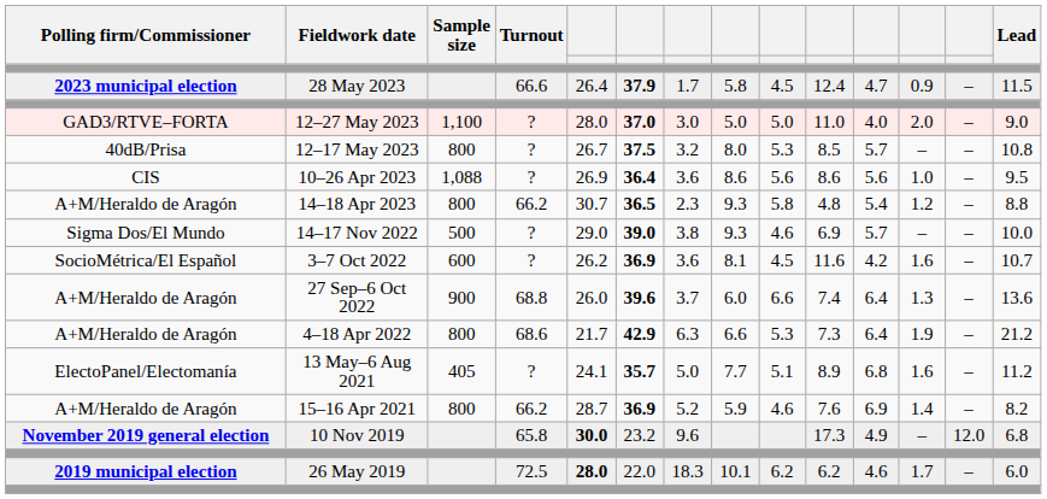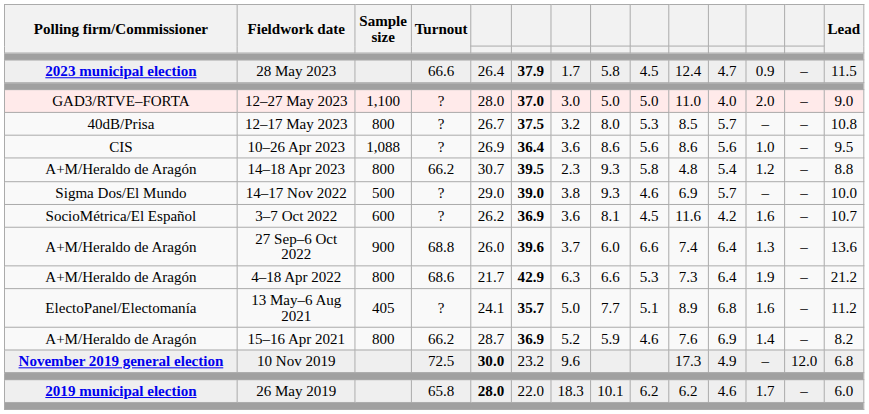 <table class="wikitable collapsible collapsed" style="text-align:center; font-size:95%; line-height:16px;">
 <tr style="height:42px;">
 <th style="width:250px;" rowspan="2">Polling firm/Commissioner</th>
 <th style="width:125px;" rowspan="2">Fieldwork date</th>
 <th style="width:50px;" rowspan="2">Sample size</th>
 <th style="width:45px;" rowspan="2">Turnout</th>
 <th style="width:35px;"></th>
 <th style="width:35px;"></th>
 <th style="width:35px;"></th>
 <th style="width:35px;"></th>
 <th style="width:35px;"></th>
 <th style="width:35px;"></th>
 <th style="width:35px;"></th>
 <th style="width:35px;"></th>
 <th style="width:35px;"></th>
 <th style="width:30px;" rowspan="2">Lead</th>
 </tr>
 <tr>
 <th style="color:inherit;background:"></th>
 <th style="color:inherit;background:"></th>
 <th style="color:inherit;background:"></th>
 <th style="color:inherit;background:"></th>
 <th style="color:inherit;background:"></th>
 <th style="color:inherit;background:"></th>
 <th style="color:inherit;background:"></th>
 <th style="color:inherit;background:"></th>
 <th style="color:inherit;background:"></th>
 </tr>
 <tr>
 <td colspan="14" style="background:#A0A0A0"></td>
 </tr>
 <tr style="background:#EFEFEF;">
 <td><strong><a href='#'>2023 municipal election</a></strong></td>
 <td>28 May 2023</td>
 <td></td>
 <td>66.6</td>
 <td>26.4<br></td>
 <td><strong>37.9</strong><br></td>
 <td>1.7<br></td>
 <td>5.8<br></td>
 <td>4.5<br></td>
 <td>12.4<br></td>
 <td>4.7<br></td>
 <td>0.9<br></td>
 <td>–</td>
 <td style="background:">11.5</td>
 </tr>
 <tr>
 <td colspan="14" style="background:#A0A0A0"></td>
 </tr>
 <tr style="background:#FFEAEA;">
 <td>GAD3/RTVE–FORTA</td>
 <td>12–27 May 2023</td>
 <td>1,100</td>
 <td>?</td>
 <td>28.0<br></td>
 <td><strong>37.0</strong><br></td>
 <td>3.0<br></td>
 <td>5.0<br></td>
 <td>5.0<br></td>
 <td>11.0<br></td>
 <td>4.0<br></td>
 <td>2.0<br></td>
 <td>–</td>
 <td style="background:">9.0</td>
 </tr>
 <tr>
 <td>40dB/Prisa</td>
 <td>12–17 May 2023</td>
 <td>800</td>
 <td>?</td>
 <td>26.7<br></td>
 <td><strong>37.5</strong><br></td>
 <td>3.2<br></td>
 <td>8.0<br></td>
 <td>5.3<br></td>
 <td>8.5<br></td>
 <td>5.7<br></td>
 <td>–</td>
 <td>–</td>
 <td style="background:">10.8</td>
 </tr>
 <tr>
 <td>CIS</td>
 <td>10–26 Apr 2023</td>
 <td>1,088</td>
 <td>?</td>
 <td>26.9<br></td>
 <td><strong>36.4</strong><br></td>
 <td>3.6<br></td>
 <td>8.6<br></td>
 <td>5.6<br></td>
 <td>8.6<br></td>
 <td>5.6<br></td>
 <td>1.0<br></td>
 <td>–</td>
 <td style="background:">9.5</td>
 </tr>
 <tr>
 <td>A+M/Heraldo de Aragón</td>
 <td>14–18 Apr 2023</td>
 <td>800</td>
 <td>66.2</td>
 <td>30.7<br></td>
-<td><strong>36.5</strong><br></td>
+<td><strong>39.5</strong><br></td>
 <td>2.3<br></td>
 <td>9.3<br></td>
 <td>5.8<br></td>
 <td>4.8<br></td>
 <td>5.4<br></td>
 <td>1.2<br></td>
 <td>–</td>
 <td style="background:">8.8</td>
 </tr>
 <tr>
 <td>Sigma Dos/El Mundo</td>
 <td>14–17 Nov 2022</td>
 <td>500</td>
 <td>?</td>
 <td>29.0<br></td>
 <td><strong>39.0</strong><br></td>
 <td>3.8<br></td>
 <td>9.3<br></td>
 <td>4.6<br></td>
 <td>6.9<br></td>
 <td>5.7<br></td>
 <td>–</td>
 <td>–</td>
 <td style="background:">10.0</td>
 </tr>
 <tr>
 <td>SocioMétrica/El Español</td>
 <td>3–7 Oct 2022</td>
 <td>600</td>
 <td>?</td>
 <td>26.2<br></td>
 <td><strong>36.9</strong><br></td>
 <td>3.6<br></td>
 <td>8.1<br></td>
 <td>4.5<br></td>
 <td>11.6<br></td>
 <td>4.2<br></td>
 <td>1.6<br></td>
 <td>–</td>
 <td style="background:">10.7</td>
 </tr>
 <tr>
 <td>A+M/Heraldo de Aragón</td>
 <td>27 Sep–6 Oct 2022</td>
 <td>900</td>
 <td>68.8</td>
 <td>26.0<br></td>
 <td><strong>39.6</strong><br></td>
 <td>3.7<br></td>
 <td>6.0<br></td>
 <td>6.6<br></td>
 <td>7.4<br></td>
 <td>6.4<br></td>
 <td>1.3<br></td>
 <td>–</td>
 <td style="background:">13.6</td>
 </tr>
 <tr>
 <td>A+M/Heraldo de Aragón</td>
 <td>4–18 Apr 2022</td>
 <td>800</td>
 <td>68.6</td>
 <td>21.7<br></td>
 <td><strong>42.9</strong><br></td>
 <td>6.3<br></td>
 <td>6.6<br></td>
 <td>5.3<br></td>
 <td>7.3<br></td>
 <td>6.4<br></td>
 <td>1.9<br></td>
 <td>–</td>
 <td style="background:">21.2</td>
 </tr>
 <tr>
 <td>ElectoPanel/Electomanía</td>
 <td>13 May–6 Aug 2021</td>
 <td>405</td>
 <td>?</td>
 <td>24.1<br></td>
 <td><strong>35.7</strong><br></td>
 <td>5.0<br></td>
 <td>7.7<br></td>
 <td>5.1<br></td>
 <td>8.9<br></td>
 <td>6.8<br></td>
 <td>1.6<br></td>
 <td>–</td>
 <td style="background:">11.2</td>
 </tr>
 <tr>
 <td>A+M/Heraldo de Aragón</td>
 <td>15–16 Apr 2021</td>
 <td>800</td>
 <td>66.2</td>
 <td>28.7<br></td>
 <td><strong>36.9</strong><br></td>
 <td>5.2<br></td>
 <td>5.9<br></td>
 <td>4.6<br></td>
 <td>7.6<br></td>
 <td>6.9<br></td>
 <td>1.4<br></td>
 <td>–</td>
 <td style="background:">8.2</td>
 </tr>
 <tr style="background:#EFEFEF;">
 <td><strong><a href='#'>November 2019 general election</a></strong></td>
 <td>10 Nov 2019</td>
 <td></td>
-<td>65.8</td>
+<td>72.5</td>
 <td><strong>30.0</strong><br></td>
 <td>23.2<br></td>
 <td>9.6<br></td>
 <td></td>
 <td></td>
 <td>17.3<br></td>
 <td>4.9<br></td>
 <td>–</td>
 <td>12.0<br></td>
 <td style="background:">6.8</td>
 </tr>
 <tr>
 <td colspan="14" style="background:#A0A0A0"></td>
 </tr>
 <tr style="background:#EFEFEF;">
 <td><strong><a href='#'>2019 municipal election</a></strong></td>
 <td>26 May 2019</td>
 <td></td>
-<td>72.5</td>
+<td>65.8</td>
 <td><strong>28.0</strong><br></td>
 <td>22.0<br></td>
 <td>18.3<br></td>
 <td>10.1<br></td>
 <td>6.2<br></td>
 <td>6.2<br></td>
 <td>4.6<br></td>
 <td>1.7<br></td>
 <td>–</td>
 <td style="background:">6.0</td>
 </tr>
 <tr>
 <td colspan="14" style="background:#A0A0A0"></td>
 </tr>
 </table>
